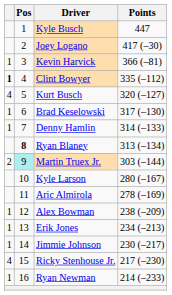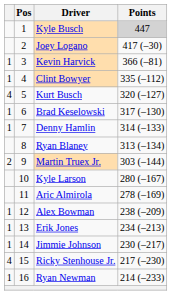 <table class="wikitable" style="font-size: 95%">
 <tr>
 <th></th>
 <th>Pos</th>
 <th>Driver</th>
 <th>Points</th>
 </tr>
 <tr>
 <td align="left"></td>
 <td style="text-align:center;">1</td>
 <td style="background:#FFDEAD;"><a href='#'>Kyle Busch</a></td>
-<td style="text-align:center;">447</td>
+<td style="background: lightgrey; text-align:center;">447</td>
 </tr>
 <tr>
 <td align="left"></td>
 <td style="text-align:center;">2</td>
 <td style="background:#FFDEAD;"><a href='#'>Joey Logano</a></td>
 <td style="text-align:center;">417 (–30)</td>
 </tr>
 <tr>
 <td align="left"> 1</td>
 <td style="text-align:center;">3</td>
 <td style="background:#FFDEAD;"><a href='#'>Kevin Harvick</a></td>
 <td style="text-align:center;">366 (–81)</td>
 </tr>
 <tr>
-<td align="left"><strong> 1</strong></td>
+<td align="left"> 1</td>
 <td style="text-align:center;">4</td>
 <td style="background:#FFDEAD;"><a href='#'>Clint Bowyer</a></td>
 <td style="text-align:center;">335 (–112)</td>
 </tr>
 <tr>
 <td align="left"> 4</td>
 <td style="text-align:center;">5</td>
 <td><a href='#'>Kurt Busch</a></td>
 <td style="text-align:center;">320 (–127)</td>
 </tr>
 <tr>
 <td align="left"> 1</td>
 <td style="text-align:center;">6</td>
 <td><a href='#'>Brad Keselowski</a></td>
 <td style="text-align:center;">317 (–130)</td>
 </tr>
 <tr>
 <td align="left"> 1</td>
 <td style="text-align:center;">7</td>
 <td><a href='#'>Denny Hamlin</a></td>
 <td style="text-align:center;">314 (–133)</td>
 </tr>
 <tr>
 <td align="left"></td>
-<td style="text-align:center;"><strong>8</strong></td>
+<td style="text-align:center;">8</td>
 <td><a href='#'>Ryan Blaney</a></td>
 <td style="text-align:center;">313 (–134)</td>
 </tr>
 <tr>
 <td align="left"> 2</td>
-<td style="background: paleturquoise; text-align:center;">9</td>
+<td style="text-align:center;">9</td>
 <td style="background:#FFDEAD;"><a href='#'>Martin Truex Jr.</a></td>
 <td style="text-align:center;">303 (–144)</td>
 </tr>
 <tr>
 <td align="left"></td>
 <td style="text-align:center;">10</td>
 <td><a href='#'>Kyle Larson</a></td>
 <td style="text-align:center;">280 (–167)</td>
 </tr>
 <tr>
 <td align="left"></td>
 <td style="text-align:center;">11</td>
 <td><a href='#'>Aric Almirola</a></td>
 <td style="text-align:center;">278 (–169)</td>
 </tr>
 <tr>
 <td align="left"> 1</td>
 <td style="text-align:center;">12</td>
 <td><a href='#'>Alex Bowman</a></td>
 <td style="text-align:center;">238 (–209)</td>
 </tr>
 <tr>
 <td align="left"> 1</td>
 <td style="text-align:center;">13</td>
 <td><a href='#'>Erik Jones</a></td>
 <td style="text-align:center;">234 (–213)</td>
 </tr>
 <tr>
 <td align="left"> 1</td>
 <td style="text-align:center;">14</td>
 <td><a href='#'>Jimmie Johnson</a></td>
 <td style="text-align:center;">230 (–217)</td>
 </tr>
 <tr>
 <td align="left"> 4</td>
 <td style="text-align:center;">15</td>
 <td><a href='#'>Ricky Stenhouse Jr.</a></td>
 <td style="text-align:center;">217 (–230)</td>
 </tr>
 <tr>
 <td align="left"> 1</td>
 <td style="text-align:center;">16</td>
 <td><a href='#'>Ryan Newman</a></td>
 <td style="text-align:center;">214 (–233)</td>
 </tr>
 <tr class="sortbottom">
 <th colspan="9"></th>
 </tr>
 </table>
